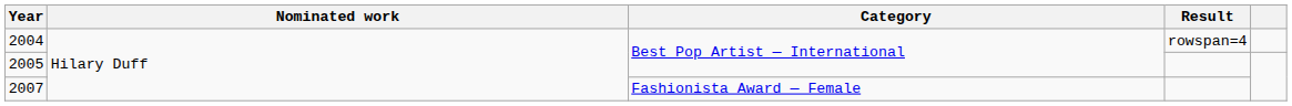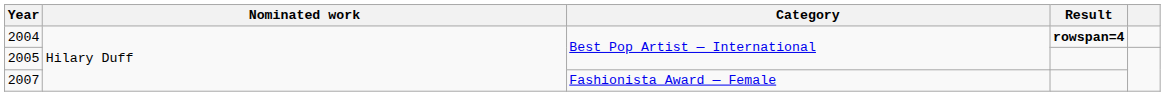 <table class="wikitable sortable">
 <tr>
 <th scope="col" style="width:1em;">Year</th>
 <th scope="col" style="width:39em;">Nominated work</th>
 <th scope="col" style="width:36em;">Category</th>
 <th scope="col" style="width:5em;">Result</th>
 <th scope="col" style="width:2em;" class="unsortable"></th>
 </tr>
 <tr>
 <td>2004</td>
 <td rowspan=4>Hilary Duff</td>
 <td rowspan=3><a href='#'>Best Pop Artist — International</a></td>
-<td>rowspan=4 </td>
+<td><strong>rowspan=4 </strong></td>
 <td style="text-align:center;"></td>
 </tr>
 <tr>
 <td>2005</td>
 <td style="text-align:center;"></td>
 </tr>
 <tr>
 <td rowspan=2>2007</td>
 <td style="text-align:center;" rowspan=2></td>
 </tr>
 <tr>
 <td><a href='#'>Fashionista Award — Female</a></td>
 </tr>
 </table>
